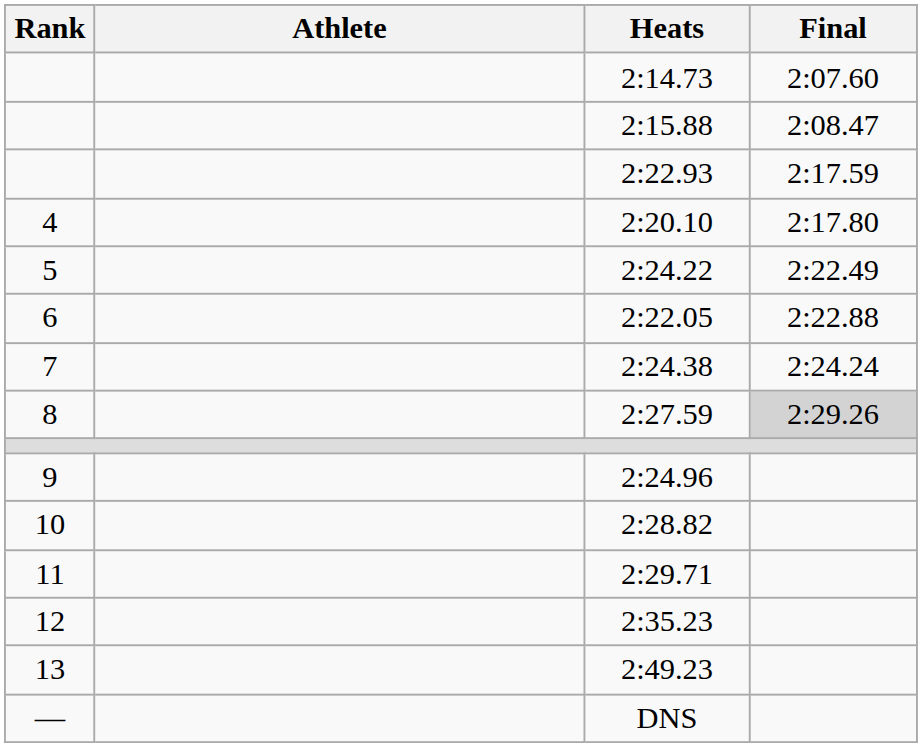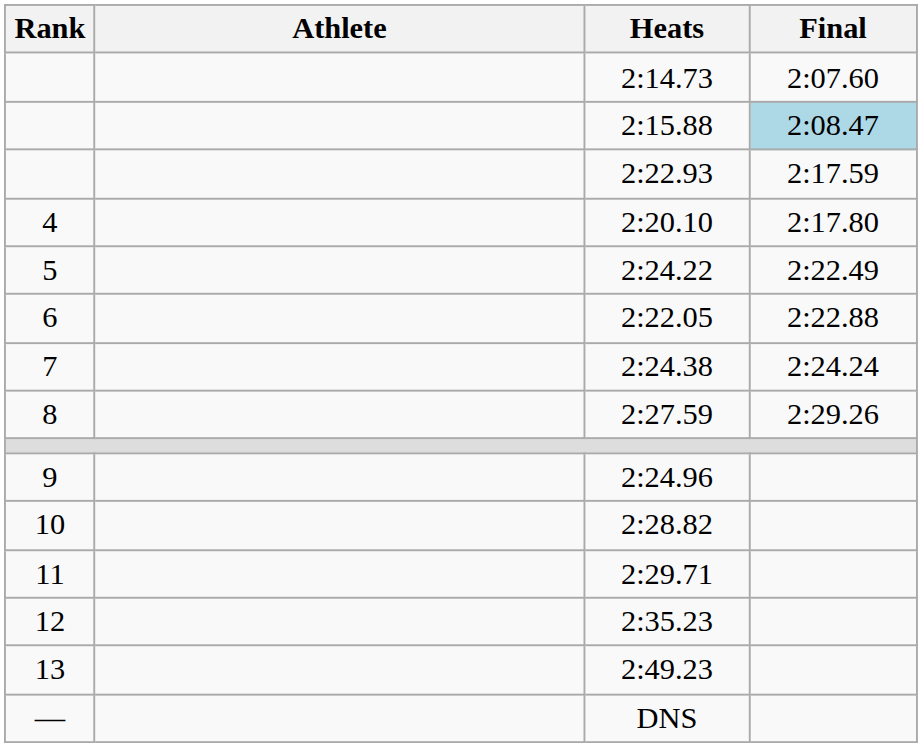 <table class=wikitable style="text-align:center">
 <tr>
 <th width=40>Rank</th>
 <th width=250>Athlete</th>
 <th width=80>Heats</th>
 <th width=80>Final</th>
 </tr>
 <tr>
 <td></td>
 <td align=left></td>
 <td>2:14.73</td>
 <td>2:07.60</td>
 </tr>
 <tr>
 <td></td>
 <td align=left></td>
 <td>2:15.88</td>
-<td>2:08.47</td>
+<td style="background: lightblue;">2:08.47</td>
 </tr>
 <tr>
 <td></td>
 <td align=left></td>
 <td>2:22.93</td>
 <td>2:17.59</td>
 </tr>
 <tr>
 <td>4</td>
 <td align=left></td>
 <td>2:20.10</td>
 <td>2:17.80</td>
 </tr>
 <tr>
 <td>5</td>
 <td align=left></td>
 <td>2:24.22</td>
 <td>2:22.49</td>
 </tr>
 <tr>
 <td>6</td>
 <td align=left></td>
 <td>2:22.05</td>
 <td>2:22.88</td>
 </tr>
 <tr>
 <td>7</td>
 <td align=left></td>
 <td>2:24.38</td>
 <td>2:24.24</td>
 </tr>
 <tr>
 <td>8</td>
 <td align=left></td>
 <td>2:27.59 </td>
-<td style="background: lightgrey;">2:29.26</td>
+<td>2:29.26</td>
 </tr>
 <tr bgcolor=#DDDDDD>
 <td colspan=4></td>
 </tr>
 <tr>
 <td>9</td>
 <td align=left></td>
 <td>2:24.96 </td>
 <td></td>
 </tr>
 <tr>
 <td>10</td>
 <td align=left></td>
 <td>2:28.82</td>
 <td></td>
 </tr>
 <tr>
 <td>11</td>
 <td align=left></td>
 <td>2:29.71</td>
 <td></td>
 </tr>
 <tr>
 <td>12</td>
 <td align=left></td>
 <td>2:35.23</td>
 <td></td>
 </tr>
 <tr>
 <td>13</td>
 <td align=left></td>
 <td>2:49.23</td>
 <td></td>
 </tr>
 <tr>
 <td>—</td>
 <td align=left></td>
 <td>DNS</td>
 <td></td>
 </tr>
 </table>
